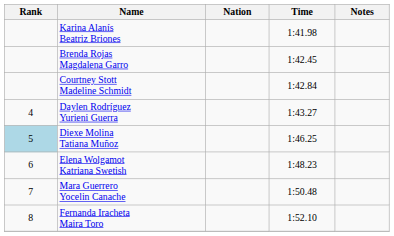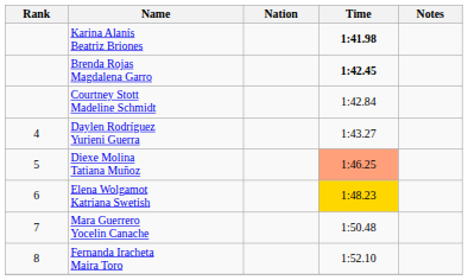 <table class="wikitable sortable" style="text-align:center" width=50%>
 <tr>
 <th>Rank</th>
 <th>Name</th>
 <th>Nation</th>
 <th>Time</th>
 <th>Notes</th>
 </tr>
 <tr>
 <td></td>
 <td align=left><a href='#'>Karina Alanís</a><br><a href='#'>Beatriz Briones</a></td>
 <td align=left></td>
-<td>1:41.98</td>
+<td><strong>1:41.98</strong></td>
 <td></td>
 </tr>
 <tr>
 <td></td>
 <td align=left><a href='#'>Brenda Rojas</a><br><a href='#'>Magdalena Garro</a></td>
 <td align=left></td>
-<td>1:42.45</td>
+<td><strong>1:42.45</strong></td>
 <td></td>
 </tr>
 <tr>
 <td></td>
 <td align=left><a href='#'>Courtney Stott</a><br><a href='#'>Madeline Schmidt</a></td>
 <td align=left></td>
 <td>1:42.84</td>
 <td></td>
 </tr>
 <tr>
 <td>4</td>
 <td align=left><a href='#'>Daylen Rodríguez</a><br><a href='#'>Yurieni Guerra</a></td>
 <td align=left></td>
 <td>1:43.27</td>
 <td></td>
 </tr>
 <tr>
-<td style="background: lightblue;">5</td>
+<td>5</td>
 <td align=left><a href='#'>Diexe Molina</a><br><a href='#'>Tatiana Muñoz</a></td>
 <td align=left></td>
-<td>1:46.25</td>
+<td style="background: lightsalmon;">1:46.25</td>
 <td></td>
 </tr>
 <tr>
 <td>6</td>
 <td align=left><a href='#'>Elena Wolgamot</a><br><a href='#'>Katriana Swetish</a></td>
 <td align=left></td>
-<td>1:48.23</td>
+<td style="background: gold;">1:48.23</td>
 <td></td>
 </tr>
 <tr>
 <td>7</td>
 <td align=left><a href='#'>Mara Guerrero</a><br><a href='#'>Yocelin Canache</a></td>
 <td align=left></td>
 <td>1:50.48</td>
 <td></td>
 </tr>
 <tr>
 <td>8</td>
 <td align=left><a href='#'>Fernanda Iracheta</a><br><a href='#'>Maira Toro</a></td>
 <td align=left></td>
 <td>1:52.10</td>
 <td></td>
 </tr>
 <tr>
 </tr>
 </table>
